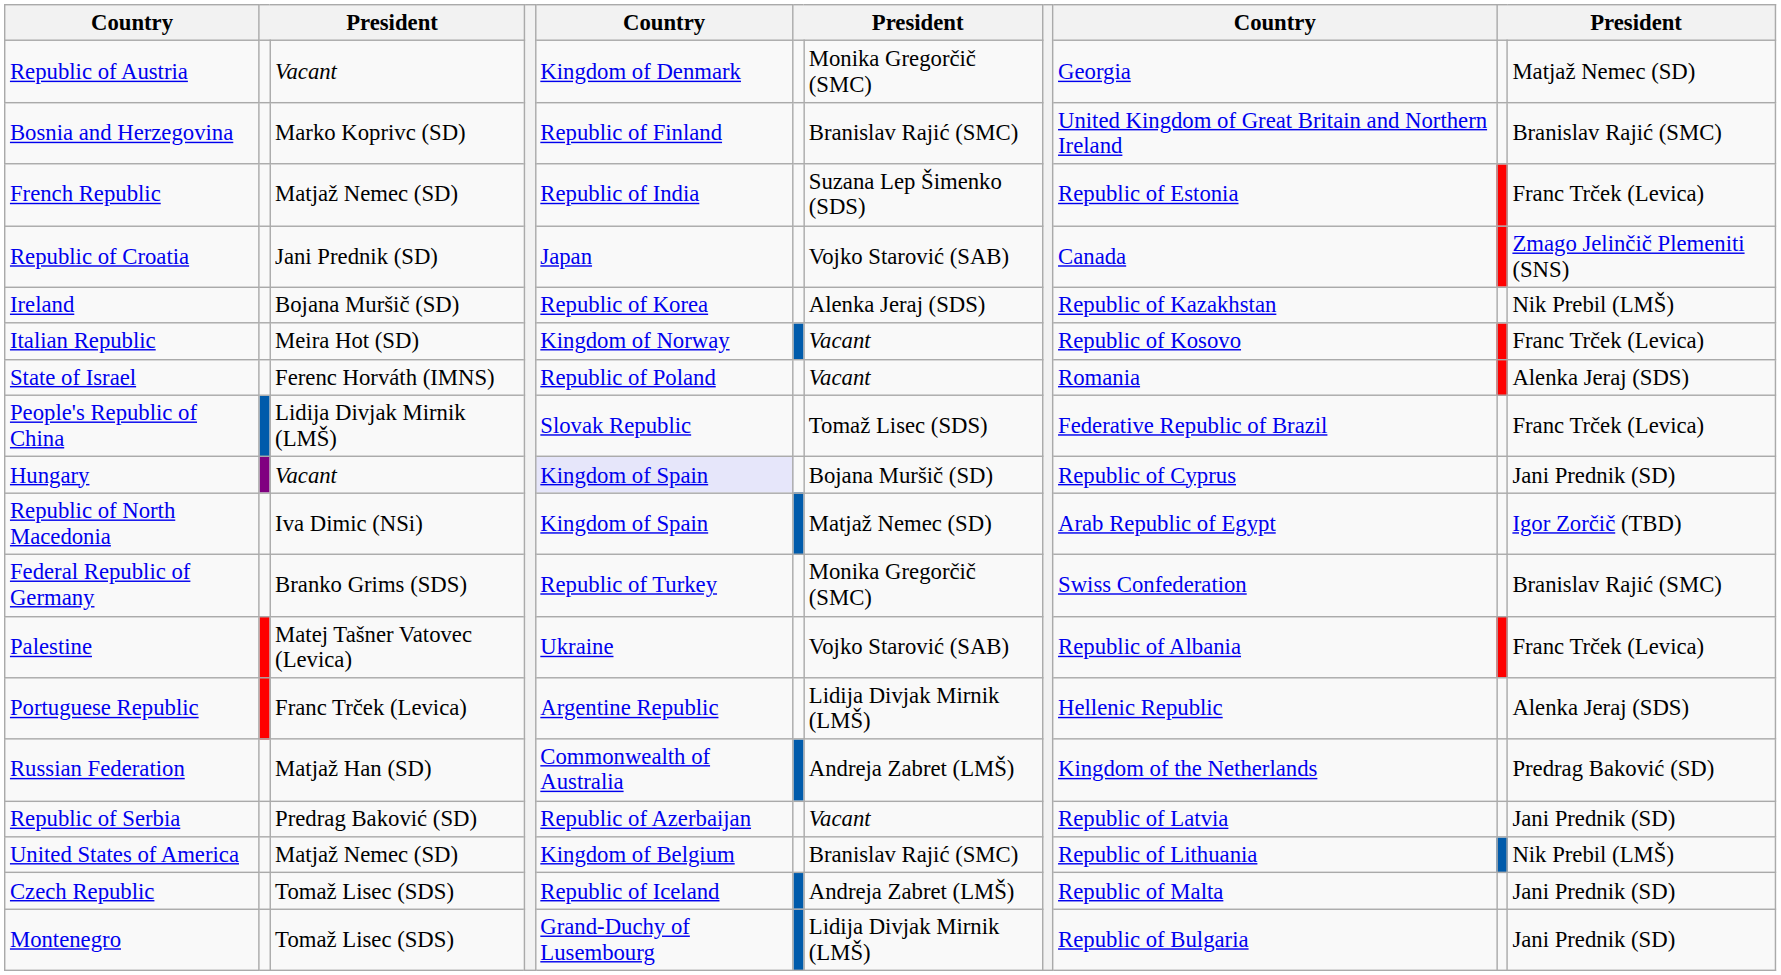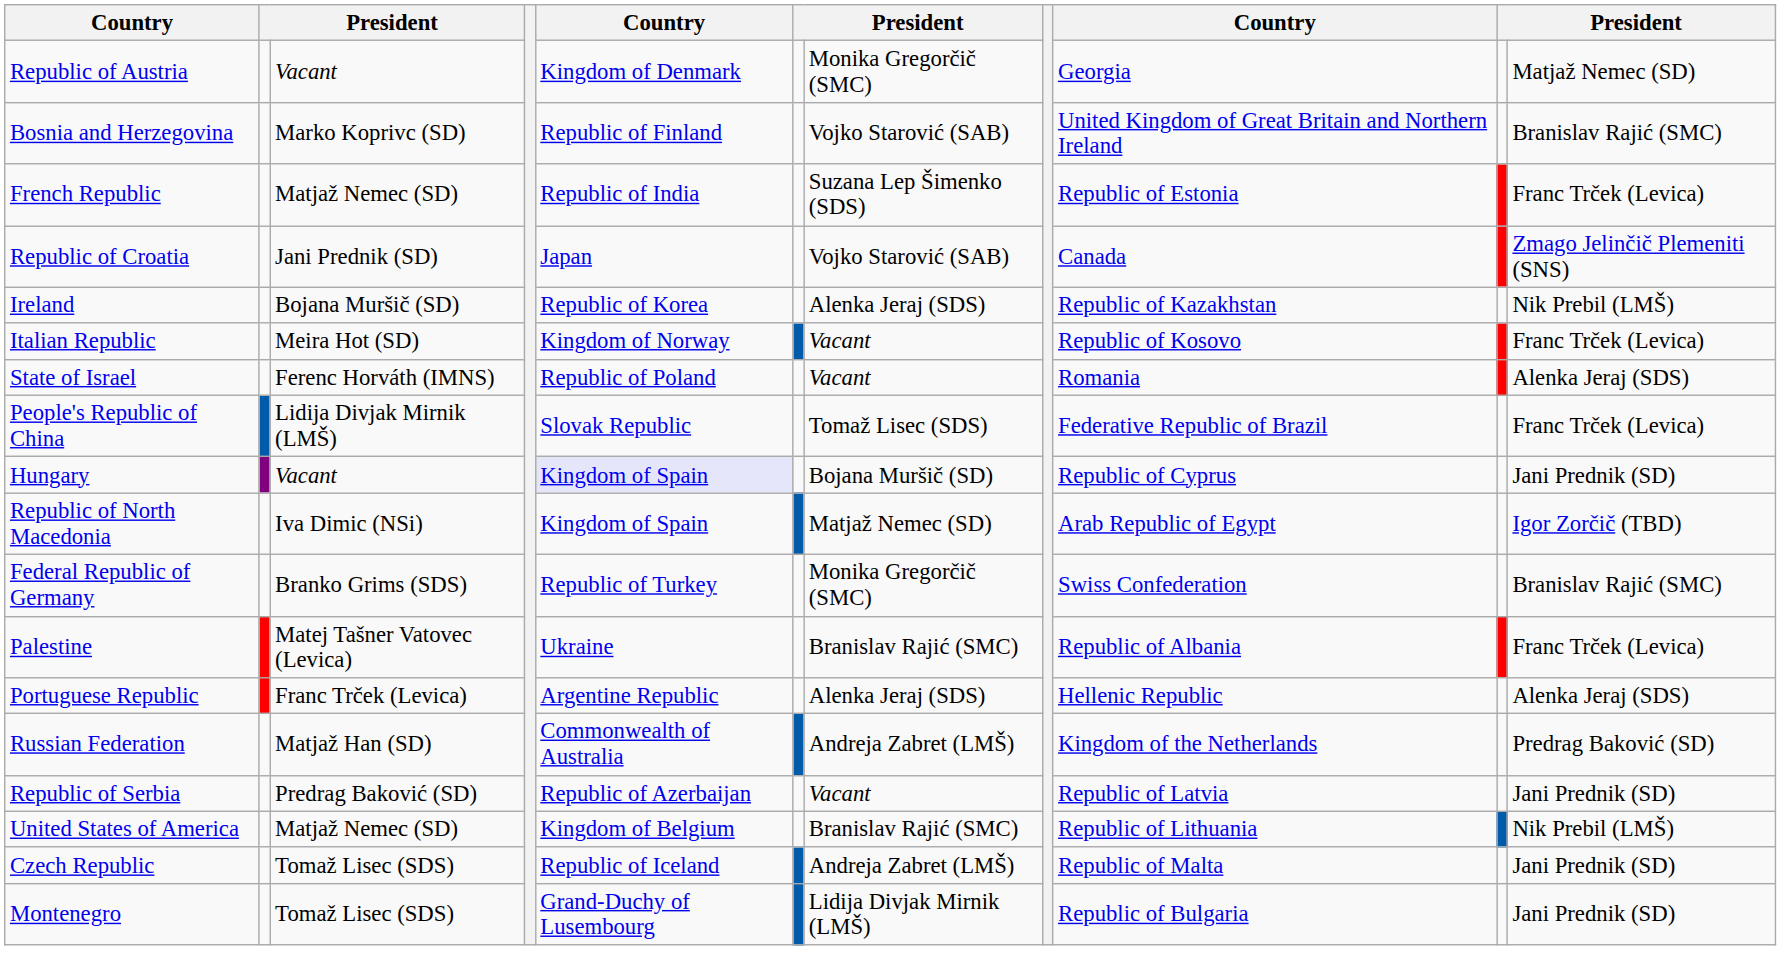 <table class="wikitable">
 <tr>
 <th>Country</th>
 <th colspan="2">President</th>
 <th rowspan="19"></th>
 <th>Country</th>
 <th colspan="2">President</th>
 <th rowspan="19"></th>
 <th>Country</th>
 <th colspan="2">President</th>
 </tr>
 <tr>
 <td><a href='#'>Republic of Austria</a></td>
 <td style="background:"></td>
 <td><em>Vacant</em></td>
 <td><a href='#'>Kingdom of Denmark</a></td>
 <td style="background:"></td>
 <td>Monika Gregorčič (SMC)</td>
 <td><a href='#'>Georgia</a></td>
 <td></td>
 <td>Matjaž Nemec (SD)</td>
 </tr>
 <tr>
 <td><a href='#'>Bosnia and Herzegovina</a></td>
 <td style="background:"></td>
 <td>Marko Koprivc (SD)</td>
 <td><a href='#'>Republic of Finland</a></td>
 <td style="background:"></td>
-<td>Branislav Rajić (SMC)</td>
+<td>Vojko Starović (SAB)</td>
 <td><a href='#'>United Kingdom of Great Britain and Northern Ireland</a></td>
 <td style="background:"></td>
 <td>Branislav Rajić (SMC)</td>
 </tr>
 <tr>
 <td><a href='#'>French Republic</a></td>
 <td style="background:"></td>
 <td>Matjaž Nemec (SD)</td>
 <td><a href='#'>Republic of India</a></td>
 <td style="background:"></td>
 <td>Suzana Lep Šimenko (SDS)</td>
 <td><a href='#'>Republic of Estonia</a></td>
 <td style="background:red"></td>
 <td>Franc Trček (Levica)</td>
 </tr>
 <tr>
 <td><a href='#'>Republic of Croatia</a></td>
 <td style="background:"></td>
 <td>Jani Prednik (SD)</td>
 <td><a href='#'>Japan</a></td>
 <td style="background:"></td>
 <td>Vojko Starović (SAB)</td>
 <td><a href='#'>Canada</a></td>
 <td style="background:red"></td>
 <td><a href='#'>Zmago Jelinčič Plemeniti</a> (SNS)</td>
 </tr>
 <tr>
 <td><a href='#'>Ireland</a></td>
 <td style="background:"></td>
 <td>Bojana Muršič (SD)</td>
 <td><a href='#'>Republic of Korea</a></td>
 <td style="background:"></td>
 <td>Alenka Jeraj (SDS)</td>
 <td><a href='#'>Republic of Kazakhstan</a></td>
 <td style="background:"></td>
 <td>Nik Prebil (LMŠ)</td>
 </tr>
 <tr>
 <td><a href='#'>Italian Republic</a></td>
 <td style="background:"></td>
 <td>Meira Hot (SD)</td>
 <td><a href='#'>Kingdom of Norway</a></td>
 <td style="background:#005bab"></td>
 <td><em>Vacant</em></td>
 <td><a href='#'>Republic of Kosovo</a></td>
 <td style="background:red"></td>
 <td>Franc Trček (Levica)</td>
 </tr>
 <tr>
 <td><a href='#'>State of Israel</a></td>
 <td style="background:"></td>
 <td>Ferenc Horváth (IMNS)</td>
 <td><a href='#'>Republic of Poland</a></td>
 <td style="background:"></td>
 <td><em>Vacant</em></td>
 <td><a href='#'>Romania</a></td>
 <td style="background:red"></td>
 <td>Alenka Jeraj (SDS)</td>
 </tr>
 <tr>
 <td><a href='#'>People's Republic of China</a></td>
 <td style="background:#005bab"></td>
 <td>Lidija Divjak Mirnik (LMŠ)</td>
 <td><a href='#'>Slovak Republic</a></td>
 <td style="background:"></td>
 <td>Tomaž Lisec (SDS)</td>
 <td><a href='#'>Federative Republic of Brazil</a></td>
 <td style="background:"></td>
 <td>Franc Trček (Levica)</td>
 </tr>
 <tr>
 <td><a href='#'>Hungary</a></td>
 <td style="background:purple"></td>
 <td><em>Vacant</em></td>
 <td style="background: lavender;"><a href='#'>Kingdom of Spain</a></td>
 <td style="background:"></td>
 <td>Bojana Muršič (SD)</td>
 <td><a href='#'>Republic of Cyprus</a></td>
 <td style="background:"></td>
 <td>Jani Prednik (SD)</td>
 </tr>
 <tr>
 <td><a href='#'>Republic of North Macedonia</a></td>
 <td style="background:"></td>
 <td>Iva Dimic (NSi)</td>
 <td><a href='#'>Kingdom of Spain</a></td>
 <td style="background:#005bab"></td>
 <td>Matjaž Nemec (SD)</td>
 <td><a href='#'>Arab Republic of Egypt</a></td>
 <td style="background:"></td>
 <td><a href='#'>Igor Zorčič</a> (TBD)</td>
 </tr>
 <tr>
 <td><a href='#'>Federal Republic of Germany</a></td>
 <td style="background:"></td>
 <td>Branko Grims (SDS)</td>
 <td><a href='#'>Republic of Turkey</a></td>
 <td style="background:"></td>
 <td>Monika Gregorčič (SMC)</td>
 <td><a href='#'>Swiss Confederation</a></td>
 <td style="background:"></td>
 <td>Branislav Rajić (SMC)</td>
 </tr>
 <tr>
 <td><a href='#'>Palestine</a></td>
 <td style="background:red"></td>
 <td>Matej Tašner Vatovec (Levica)</td>
 <td><a href='#'>Ukraine</a></td>
 <td style="background:"></td>
-<td>Vojko Starović (SAB)</td>
+<td>Branislav Rajić (SMC)</td>
 <td><a href='#'>Republic of Albania</a></td>
 <td style="background:red"></td>
 <td>Franc Trček (Levica)</td>
 </tr>
 <tr>
 <td><a href='#'>Portuguese Republic</a></td>
 <td style="background:red"></td>
 <td>Franc Trček (Levica)</td>
 <td><a href='#'>Argentine Republic</a></td>
 <td style="background:"></td>
-<td>Lidija Divjak Mirnik (LMŠ)</td>
+<td>Alenka Jeraj (SDS)</td>
 <td><a href='#'>Hellenic Republic</a></td>
 <td style="background:"></td>
 <td>Alenka Jeraj (SDS)</td>
 </tr>
 <tr>
 <td><a href='#'>Russian Federation</a></td>
 <td style="background:"></td>
 <td>Matjaž Han (SD)</td>
 <td><a href='#'>Commonwealth of Australia</a></td>
 <td style="background:#005bab"></td>
 <td>Andreja Zabret (LMŠ)</td>
 <td><a href='#'>Kingdom of the Netherlands</a></td>
 <td style="background:"></td>
 <td>Predrag Baković (SD)</td>
 </tr>
 <tr>
 <td><a href='#'>Republic of Serbia</a></td>
 <td style="background:"></td>
 <td>Predrag Baković (SD)</td>
 <td><a href='#'>Republic of Azerbaijan</a></td>
 <td style="background:"></td>
 <td><em>Vacant</em></td>
 <td><a href='#'>Republic of Latvia</a></td>
 <td style="background:"></td>
 <td>Jani Prednik (SD)</td>
 </tr>
 <tr>
 <td><a href='#'>United States of America</a></td>
 <td style="background:"></td>
 <td>Matjaž Nemec (SD)</td>
 <td><a href='#'>Kingdom of Belgium</a></td>
 <td style="background:"></td>
 <td>Branislav Rajić (SMC)</td>
 <td><a href='#'>Republic of Lithuania</a></td>
 <td style="background:#005bab"></td>
 <td>Nik Prebil (LMŠ)</td>
 </tr>
 <tr>
 <td><a href='#'>Czech Republic</a></td>
 <td style="background:"></td>
 <td>Tomaž Lisec (SDS)</td>
 <td><a href='#'>Republic of Iceland</a></td>
 <td style="background:#005bab"></td>
 <td>Andreja Zabret (LMŠ)</td>
 <td><a href='#'>Republic of Malta</a></td>
 <td style="background:"></td>
 <td>Jani Prednik (SD)</td>
 </tr>
 <tr>
 <td><a href='#'>Montenegro</a></td>
 <td style="background:"></td>
 <td>Tomaž Lisec (SDS)</td>
 <td><a href='#'>Grand-Duchy of Lusembourg</a></td>
 <td style="background:#005bab"></td>
 <td>Lidija Divjak Mirnik (LMŠ)</td>
 <td><a href='#'>Republic of Bulgaria</a></td>
 <td style="background:"></td>
 <td>Jani Prednik (SD)</td>
 </tr>
 </table>
